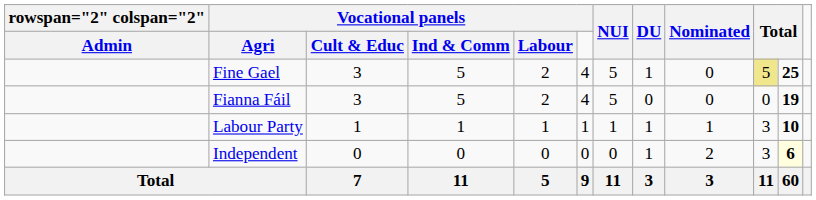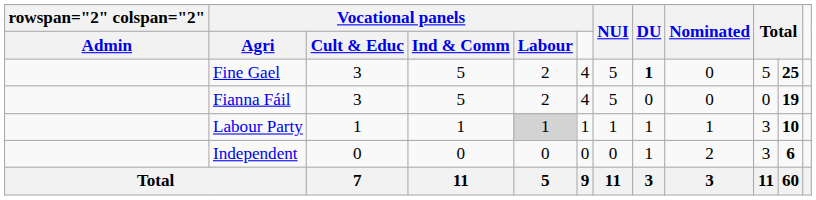 <table class="wikitable">
 <tr>
 <th>rowspan="2" colspan="2" </th>
 <th scope="col" colspan="5"><a href='#'>Vocational panels</a></th>
 <th rowspan="2"><a href='#'>NUI</a></th>
 <th rowspan="2"><a href='#'>DU</a></th>
 <th rowspan="2"><a href='#'>Nominated</a></th>
 <th rowspan="2" colspan="2">Total</th>
 </tr>
 <tr>
 <th scope="col"><a href='#'>Admin</a></th>
 <th scope="col"><a href='#'>Agri</a></th>
 <th scope="col"><a href='#'>Cult & Educ</a></th>
 <th scope="col"><a href='#'>Ind & Comm</a></th>
 <th scope="col"><a href='#'>Labour</a></th>
 </tr>
 <tr style="text-align:center">
 <td style="background-color: "></td>
 <td align="left"><a href='#'>Fine Gael</a></td>
 <td>3</td>
 <td>5</td>
 <td>2</td>
 <td>4</td>
 <td>5</td>
-<td>1</td>
+<td><strong>1</strong></td>
 <td>0</td>
-<td style="background: khaki;">5</td>
+<td>5</td>
 <td><strong>25</strong></td>
 <td style="background-color: "></td>
 </tr>
 <tr style="text-align:center">
 <td style="background-color: "></td>
 <td align="left"><a href='#'>Fianna Fáil</a></td>
 <td>3</td>
 <td>5</td>
 <td>2</td>
 <td>4</td>
 <td>5</td>
 <td>0</td>
 <td>0</td>
 <td>0</td>
 <td><strong>19</strong></td>
 <td style="background-color: "></td>
 </tr>
 <tr style="text-align:center">
 <td style="background-color: "></td>
 <td align="left"><a href='#'>Labour Party</a></td>
 <td>1</td>
 <td>1</td>
-<td>1</td>
+<td style="background: lightgrey;">1</td>
 <td>1</td>
 <td>1</td>
 <td>1</td>
 <td>1</td>
 <td>3</td>
 <td><strong>10</strong></td>
 <td style="background-color: "></td>
 </tr>
 <tr style="text-align:center">
 <td style="background-color: "></td>
 <td align="left"><a href='#'>Independent</a></td>
 <td>0</td>
 <td>0</td>
 <td>0</td>
 <td>0</td>
 <td>0</td>
 <td>1</td>
 <td>2</td>
 <td>3</td>
-<td style="background: lightyellow;"><strong>6</strong></td>
+<td><strong>6</strong></td>
 <td style="background-color: "></td>
 </tr>
 <tr style="text-align:center">
 <th colspan="2">Total</th>
 <th>7</th>
 <th>11</th>
 <th>5</th>
 <th>9</th>
 <th>11</th>
 <th>3</th>
 <th>3</th>
 <th>11</th>
 <th>60</th>
 <th></th>
 </tr>
 </table>
